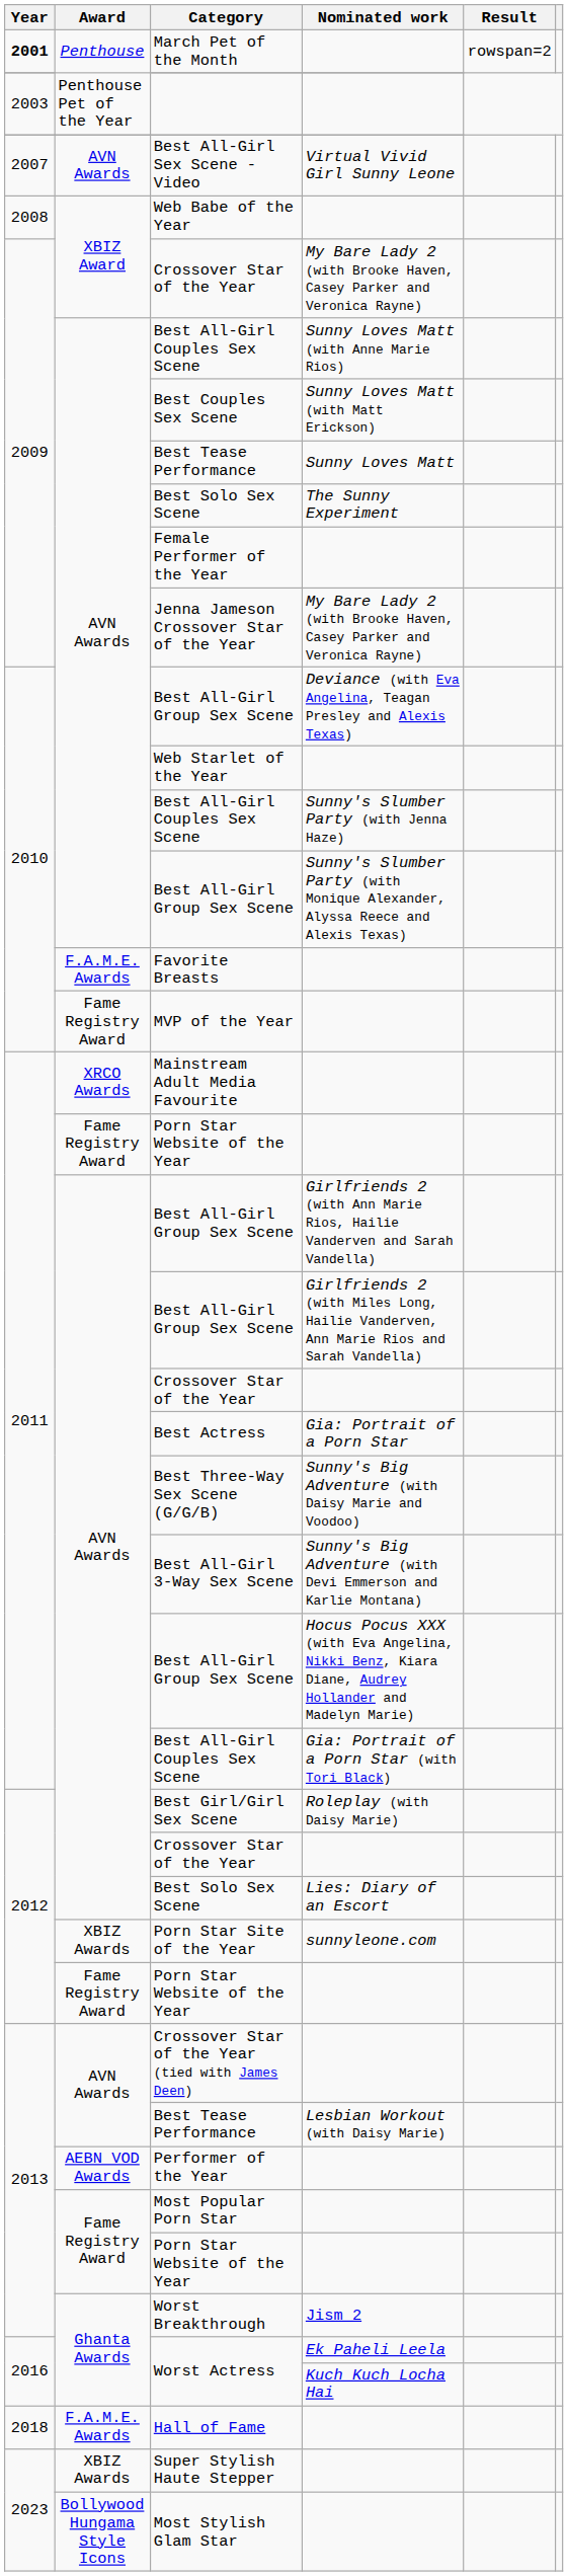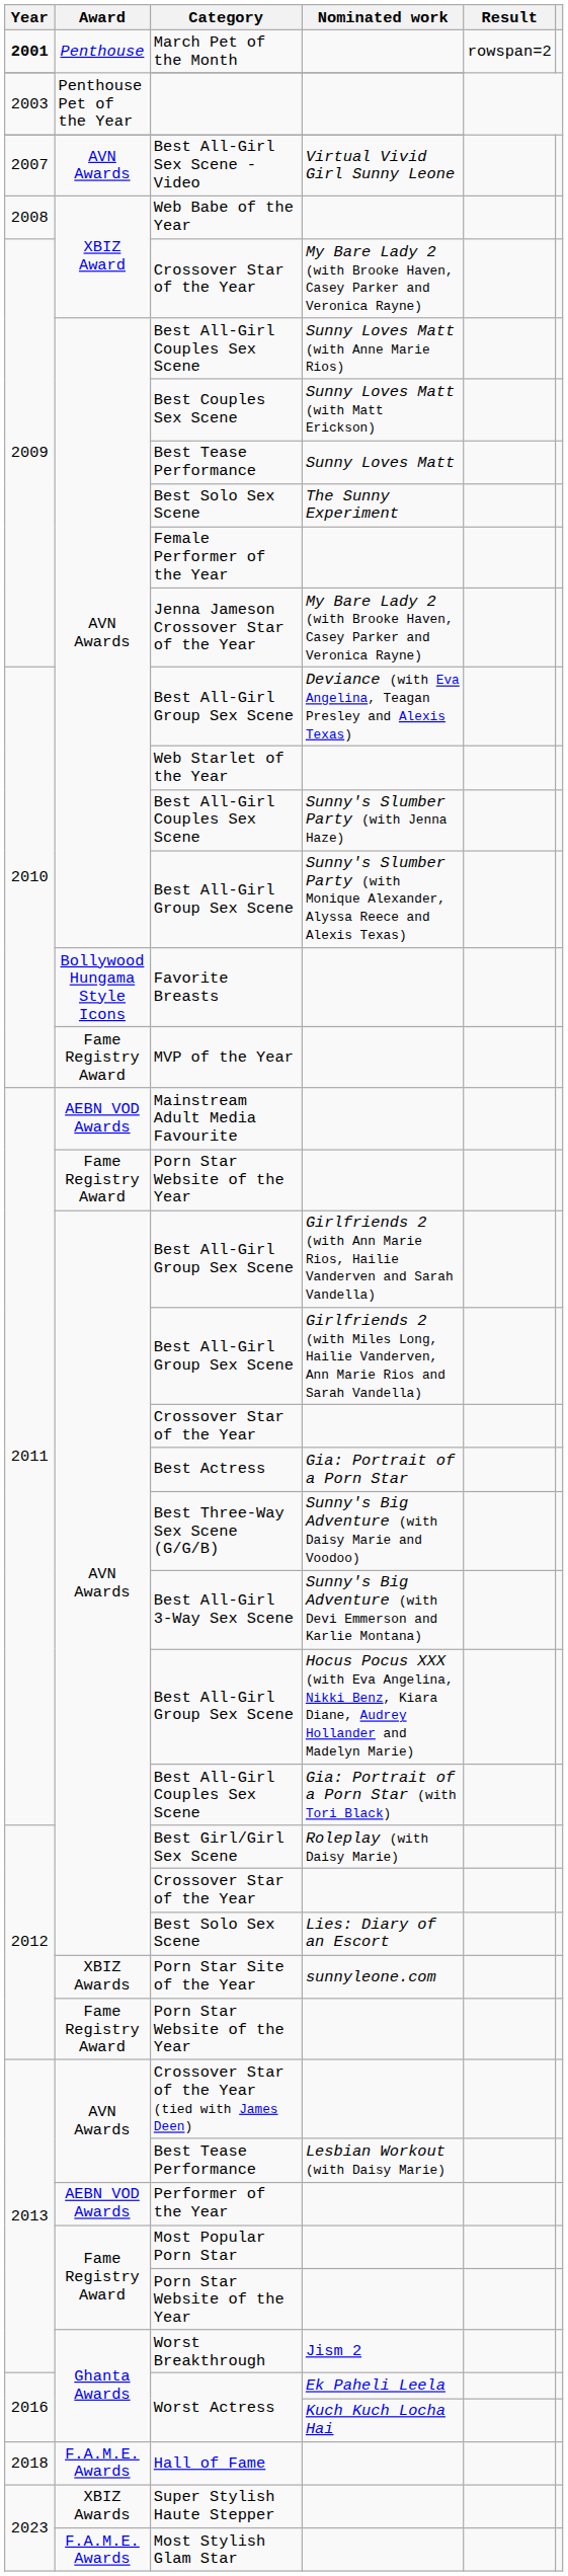 <table class="wikitable" style="width:75%;">
 <tr>
 <th style="width:10%;">Year</th>
 <th style="width:18%;">Award</th>
 <th style="width:34%;">Category</th>
 <th style="width:34%;">Nominated work</th>
 <th style="width:12%;">Result</th>
 <th style="width:4%;"></th>
 </tr>
 <tr>
 <td align=center><strong>2001</strong></td>
 <td rowspan=2 align=center><em><a href='#'>Penthouse</a></em></td>
 <td>March Pet of the Month</td>
 <td></td>
 <td>rowspan=2 </td>
 <td></td>
 </tr>
 <tr>
 </tr>
 <tr>
 <td align=center>2003</td>
 <td>Penthouse Pet of the Year</td>
 <td></td>
 <td></td>
 </tr>
 <tr>
 </tr>
 <tr>
 <td align=center>2007</td>
 <td align=center><a href='#'>AVN Awards</a></td>
 <td>Best All-Girl Sex Scene - Video</td>
 <td><em>Virtual Vivid Girl Sunny Leone</em></td>
 <td></td>
 <td></td>
 </tr>
 <tr>
 <td align=center>2008</td>
 <td rowspan="2" style="text-align:center;"><a href='#'>XBIZ Award</a></td>
 <td>Web Babe of the Year</td>
 <td></td>
 <td></td>
 <td></td>
 </tr>
 <tr>
 <td rowspan="7" style="text-align:center;">2009</td>
 <td>Crossover Star of the Year</td>
 <td><em>My Bare Lady 2</em> <small>(with Brooke Haven, Casey Parker and Veronica Rayne)</small></td>
 <td></td>
 <td></td>
 </tr>
 <tr>
 <td rowspan="10" style="text-align:center;">AVN Awards</td>
 <td>Best All-Girl Couples Sex Scene</td>
 <td><em>Sunny Loves Matt</em> <small>(with Anne Marie Rios)</small></td>
 <td></td>
 <td></td>
 </tr>
 <tr>
 <td>Best Couples Sex Scene</td>
 <td><em>Sunny Loves Matt</em> <small>(with Matt Erickson)</small></td>
 <td></td>
 <td></td>
 </tr>
 <tr>
 <td>Best Tease Performance</td>
 <td><em>Sunny Loves Matt</em></td>
 <td></td>
 <td></td>
 </tr>
 <tr>
 <td>Best Solo Sex Scene</td>
 <td><em>The Sunny Experiment</em></td>
 <td></td>
 <td></td>
 </tr>
 <tr>
 <td>Female Performer of the Year</td>
 <td></td>
 <td></td>
 <td></td>
 </tr>
 <tr>
 <td>Jenna Jameson Crossover Star of the Year</td>
 <td><em>My Bare Lady 2</em> <small>(with Brooke Haven, Casey Parker and Veronica Rayne)</small></td>
 <td></td>
 <td></td>
 </tr>
 <tr>
 <td rowspan="6" style="text-align:center;">2010</td>
 <td>Best All-Girl Group Sex Scene</td>
 <td><em>Deviance</em> <small>(with <a href='#'>Eva Angelina</a>, Teagan Presley and <a href='#'>Alexis Texas</a>)</small></td>
 <td></td>
 <td></td>
 </tr>
 <tr>
 <td>Web Starlet of the Year</td>
 <td></td>
 <td></td>
 <td></td>
 </tr>
 <tr>
 <td>Best All-Girl Couples Sex Scene</td>
 <td><em>Sunny's Slumber Party</em> <small>(with Jenna Haze)</small></td>
 <td></td>
 <td></td>
 </tr>
 <tr>
 <td>Best All-Girl Group Sex Scene</td>
 <td><em>Sunny's Slumber Party</em> <small>(with Monique Alexander, Alyssa Reece and Alexis Texas)</small></td>
 <td></td>
 <td></td>
 </tr>
 <tr>
-<td align=center><a href='#'>F.A.M.E. Awards</a></td>
+<td align=center><a href='#'>Bollywood Hungama Style Icons</a></td>
 <td>Favorite Breasts</td>
 <td></td>
 <td></td>
 <td></td>
 </tr>
 <tr>
 <td align=center>Fame Registry Award</td>
 <td>MVP of the Year</td>
 <td></td>
 <td></td>
 <td></td>
 </tr>
 <tr>
 <td rowspan="10" style="text-align:center;">2011</td>
-<td align=center><a href='#'>XRCO Awards</a></td>
+<td align=center><a href='#'>AEBN VOD Awards</a></td>
 <td>Mainstream Adult Media Favourite</td>
 <td></td>
 <td></td>
 <td></td>
 </tr>
 <tr>
 <td align=center>Fame Registry Award</td>
 <td>Porn Star Website of the Year</td>
 <td></td>
 <td></td>
 <td></td>
 </tr>
 <tr>
 <td rowspan="11" style="text-align:center;">AVN Awards</td>
 <td>Best All-Girl Group Sex Scene</td>
 <td><em>Girlfriends 2</em> <small>(with Ann Marie Rios, Hailie Vanderven and Sarah Vandella)</small></td>
 <td></td>
 <td></td>
 </tr>
 <tr>
 <td>Best All-Girl Group Sex Scene</td>
 <td><em>Girlfriends 2</em> <small>(with Miles Long, Hailie Vanderven, Ann Marie Rios and Sarah Vandella)</small></td>
 <td></td>
 <td></td>
 </tr>
 <tr>
 <td>Crossover Star of the Year</td>
 <td></td>
 <td></td>
 <td></td>
 </tr>
 <tr>
 <td>Best Actress</td>
 <td><em>Gia: Portrait of a Porn Star</em></td>
 <td></td>
 <td></td>
 </tr>
 <tr>
 <td>Best Three-Way Sex Scene (G/G/B)</td>
 <td><em>Sunny's Big Adventure</em> <small>(with Daisy Marie and Voodoo)</small></td>
 <td></td>
 <td></td>
 </tr>
 <tr>
 <td>Best All-Girl 3-Way Sex Scene</td>
 <td><em>Sunny's Big Adventure</em> <small>(with Devi Emmerson and Karlie Montana)</small></td>
 <td></td>
 <td></td>
 </tr>
 <tr>
 <td>Best All-Girl Group Sex Scene</td>
 <td><em>Hocus Pocus XXX</em> <small>(with Eva Angelina, <a href='#'>Nikki Benz</a>, Kiara Diane, <a href='#'>Audrey Hollander</a> and Madelyn Marie)</small></td>
 <td></td>
 <td></td>
 </tr>
 <tr>
 <td>Best All-Girl Couples Sex Scene</td>
 <td><em>Gia: Portrait of a Porn Star</em> <small>(with <a href='#'>Tori Black</a>)</small></td>
 <td></td>
 <td></td>
 </tr>
 <tr>
 <td rowspan="5" style="text-align:center;">2012</td>
 <td>Best Girl/Girl Sex Scene</td>
 <td><em>Roleplay</em> <small>(with Daisy Marie)</small></td>
 <td></td>
 <td></td>
 </tr>
 <tr>
 <td>Crossover Star of the Year</td>
 <td></td>
 <td></td>
 <td></td>
 </tr>
 <tr>
 <td>Best Solo Sex Scene</td>
 <td><em>Lies: Diary of an Escort</em></td>
 <td></td>
 <td></td>
 </tr>
 <tr>
 <td align=center>XBIZ Awards</td>
 <td>Porn Star Site of the Year</td>
 <td><em>sunnyleone.com </em></td>
 <td></td>
 <td></td>
 </tr>
 <tr>
 <td align=center>Fame Registry Award</td>
 <td>Porn Star Website of the Year</td>
 <td></td>
 <td></td>
 <td></td>
 </tr>
 <tr>
 <td rowspan="6" style="text-align:center;">2013</td>
 <td rowspan="2" style="text-align:center;">AVN Awards</td>
 <td>Crossover Star of the Year <small>(tied with <a href='#'>James Deen</a>)</small></td>
 <td></td>
 <td></td>
 <td></td>
 </tr>
 <tr>
 <td>Best Tease Performance</td>
 <td><em>Lesbian Workout</em> <small>(with Daisy Marie)</small></td>
 <td></td>
 <td></td>
 </tr>
 <tr>
 <td align=center><a href='#'>AEBN VOD Awards</a></td>
 <td>Performer of the Year</td>
 <td></td>
 <td></td>
 <td></td>
 </tr>
 <tr>
 <td rowspan=2 style="text-align:center;">Fame Registry Award</td>
 <td>Most Popular Porn Star</td>
 <td></td>
 <td></td>
 <td></td>
 </tr>
 <tr>
 <td>Porn Star Website of the Year</td>
 <td></td>
 <td></td>
 <td></td>
 </tr>
 <tr>
 <td rowspan="3" style="text-align:center;"><a href='#'>Ghanta Awards</a></td>
 <td>Worst Breakthrough</td>
 <td><a href='#'>Jism 2</a></td>
 <td></td>
 <td></td>
 </tr>
 <tr>
 <td rowspan="2" style="text-align:center;">2016</td>
 <td rowspan="2">Worst Actress</td>
 <td><em><a href='#'>Ek Paheli Leela</a></em></td>
 <td></td>
 <td></td>
 </tr>
 <tr>
 <td><em><a href='#'>Kuch Kuch Locha Hai</a></em></td>
 <td></td>
 <td></td>
 </tr>
 <tr>
 <td style="text-align:center;">2018</td>
 <td align=center><a href='#'>F.A.M.E. Awards</a></td>
 <td><a href='#'>Hall of Fame</a></td>
 <td></td>
 <td></td>
 <td></td>
 </tr>
 <tr>
 <td rowspan="2" style="text-align:center;">2023</td>
 <td align=center>XBIZ Awards</td>
 <td>Super Stylish Haute Stepper</td>
 <td></td>
 <td></td>
 <td></td>
 </tr>
 <tr>
-<td align=center><a href='#'>Bollywood Hungama Style Icons</a></td>
+<td align=center><a href='#'>F.A.M.E. Awards</a></td>
 <td>Most Stylish Glam Star</td>
 <td></td>
 <td></td>
 <td></td>
 </tr>
 </table>
